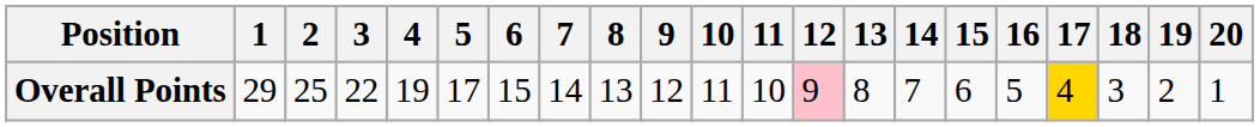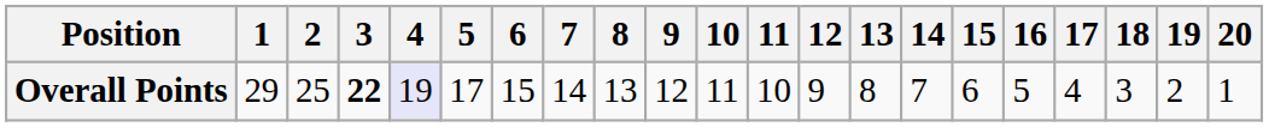 <table class="wikitable" style="font-size: 85%">
 <tr valign="top">
 <th>Position</th>
 <th>1</th>
 <th>2</th>
 <th>3</th>
 <th>4</th>
 <th>5</th>
 <th>6</th>
 <th>7</th>
 <th>8</th>
 <th>9</th>
 <th>10</th>
 <th>11</th>
 <th>12</th>
 <th>13</th>
 <th>14</th>
 <th>15</th>
 <th>16</th>
 <th>17</th>
 <th>18</th>
 <th>19</th>
 <th>20</th>
 </tr>
 <tr>
 <th>Overall Points</th>
 <td>29</td>
 <td>25</td>
-<td>22</td>
-<td>19</td>
+<td><strong>22</strong></td>
+<td style="background: lavender;">19</td>
 <td>17</td>
 <td>15</td>
 <td>14</td>
 <td>13</td>
 <td>12</td>
 <td>11</td>
 <td>10</td>
-<td style="background: pink;">9</td>
+<td>9</td>
 <td>8</td>
 <td>7</td>
 <td>6</td>
 <td>5</td>
-<td style="background: gold;">4</td>
+<td>4</td>
 <td>3</td>
 <td>2</td>
 <td>1</td>
 </tr>
 </table>
